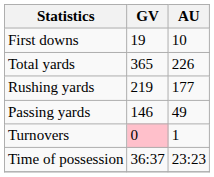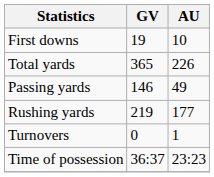 <table class="wikitable" style="float: left;">
 <tr>
 <th>Statistics</th>
 <th>GV</th>
 <th>AU</th>
 </tr>
 <tr>
 <td>First downs</td>
 <td>19</td>
 <td>10</td>
 </tr>
 <tr>
 <td>Total yards</td>
 <td>365</td>
 <td>226</td>
 </tr>
 <tr>
+<td>Passing yards</td>
+<td>146</td>
+<td>49</td>
+</tr>
+<tr>
 <td>Rushing yards</td>
 <td>219</td>
 <td>177</td>
 </tr>
 <tr>
-<td>Passing yards</td>
-<td>146</td>
-<td>49</td>
-</tr>
-<tr>
 <td>Turnovers</td>
-<td style="background: pink;">0</td>
+<td>0</td>
 <td>1</td>
 </tr>
 <tr>
 <td>Time of possession</td>
 <td>36:37</td>
 <td>23:23</td>
 </tr>
 <tr>
 </tr>
 </table>
